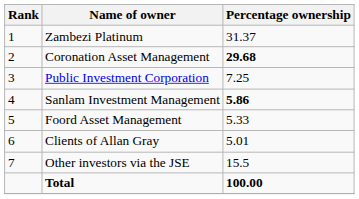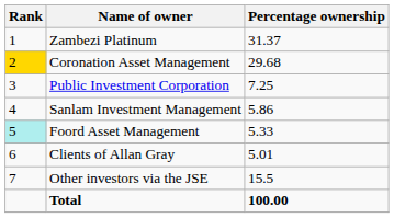 <table class="wikitable sortable" style="margin-left:auto;margin-right:auto">
 <tr>
 <th style="width:2em;">Rank</th>
 <th>Name of owner</th>
 <th>Percentage ownership</th>
 </tr>
 <tr>
 <td>1</td>
 <td>Zambezi Platinum</td>
 <td>31.37</td>
 </tr>
 <tr>
-<td>2</td>
+<td style="background: gold;">2</td>
 <td>Coronation Asset Management</td>
-<td><strong>29.68</strong></td>
+<td>29.68</td>
 </tr>
 <tr>
 <td>3</td>
 <td><a href='#'>Public Investment Corporation</a></td>
 <td>7.25</td>
 </tr>
 <tr>
 <td>4</td>
 <td>Sanlam Investment Management</td>
-<td><strong>5.86</strong></td>
+<td>5.86</td>
 </tr>
 <tr>
-<td>5</td>
+<td style="background: paleturquoise;">5</td>
 <td>Foord Asset Management</td>
 <td>5.33</td>
 </tr>
 <tr>
 <td>6</td>
 <td>Clients of Allan Gray</td>
 <td>5.01</td>
 </tr>
 <tr>
 <td>7</td>
 <td>Other investors via the JSE</td>
 <td>15.5</td>
 </tr>
 <tr>
 <td></td>
 <td><strong>Total</strong></td>
 <td><strong>100.00</strong></td>
 </tr>
 <tr>
 </tr>
 </table>
